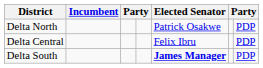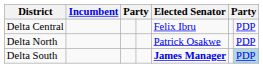 <table class="sortable wikitable" style="font-size:95%;line-height:14px;">
 <tr>
 <th class="unsortable">District</th>
 <th class="unsortable"><a href='#'>Incumbent</a></th>
 <th colspan="2">Party</th>
 <th class="unsortable">Elected Senator</th>
 <th colspan="2">Party</th>
+</tr>
+<tr>
+<td>Delta Central</td>
+<td></td>
+<td></td>
+<td></td>
+<td><a href='#'>Felix Ibru</a></td>
+<td style="background:"></td>
+<td><a href='#'>PDP</a></td>
 </tr>
 <tr>
 <td>Delta North</td>
 <td></td>
 <td></td>
 <td></td>
 <td><a href='#'>Patrick Osakwe</a></td>
 <td style="background:"></td>
 <td><a href='#'>PDP</a></td>
 </tr>
 <tr>
-<td>Delta Central</td>
-<td></td>
-<td></td>
-<td></td>
-<td><a href='#'>Felix Ibru</a></td>
-<td style="background:"></td>
-<td><a href='#'>PDP</a></td>
-</tr>
-<tr>
 <td>Delta South</td>
 <td></td>
 <td></td>
 <td></td>
 <td><strong><a href='#'>James Manager</a></strong></td>
 <td style="background:"></td>
-<td><a href='#'>PDP</a></td>
+<td style="background: lightblue;"><a href='#'>PDP</a></td>
 </tr>
 </table>
